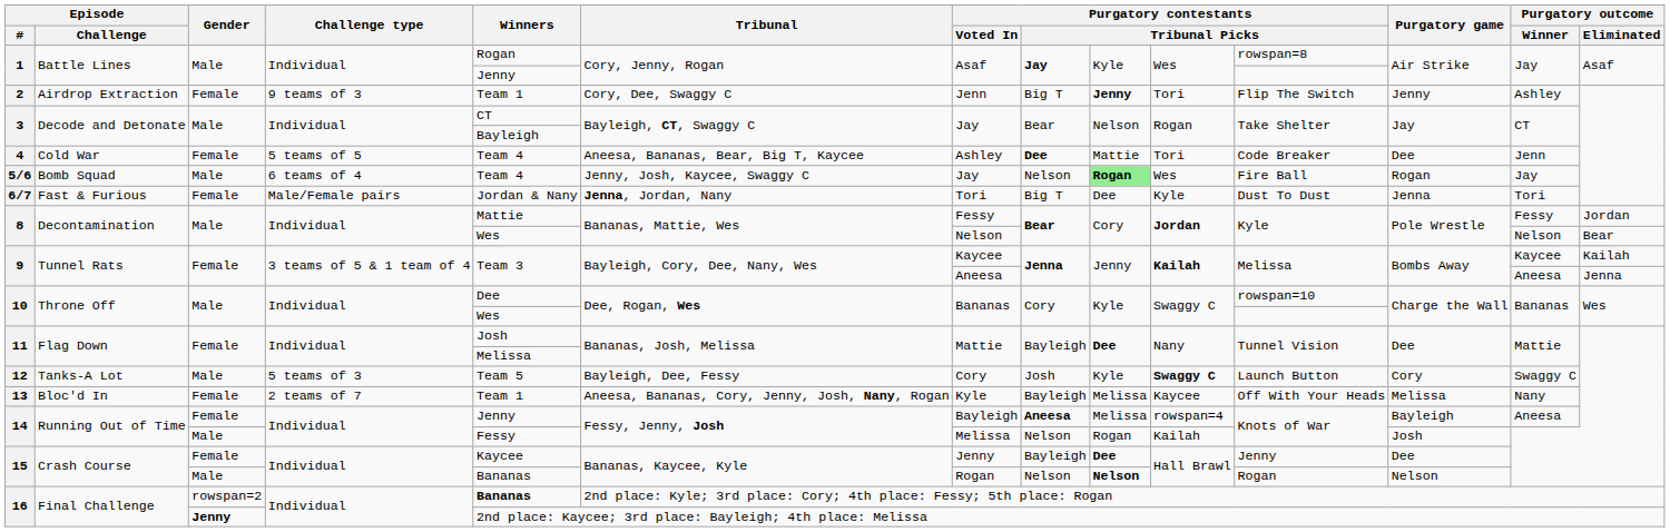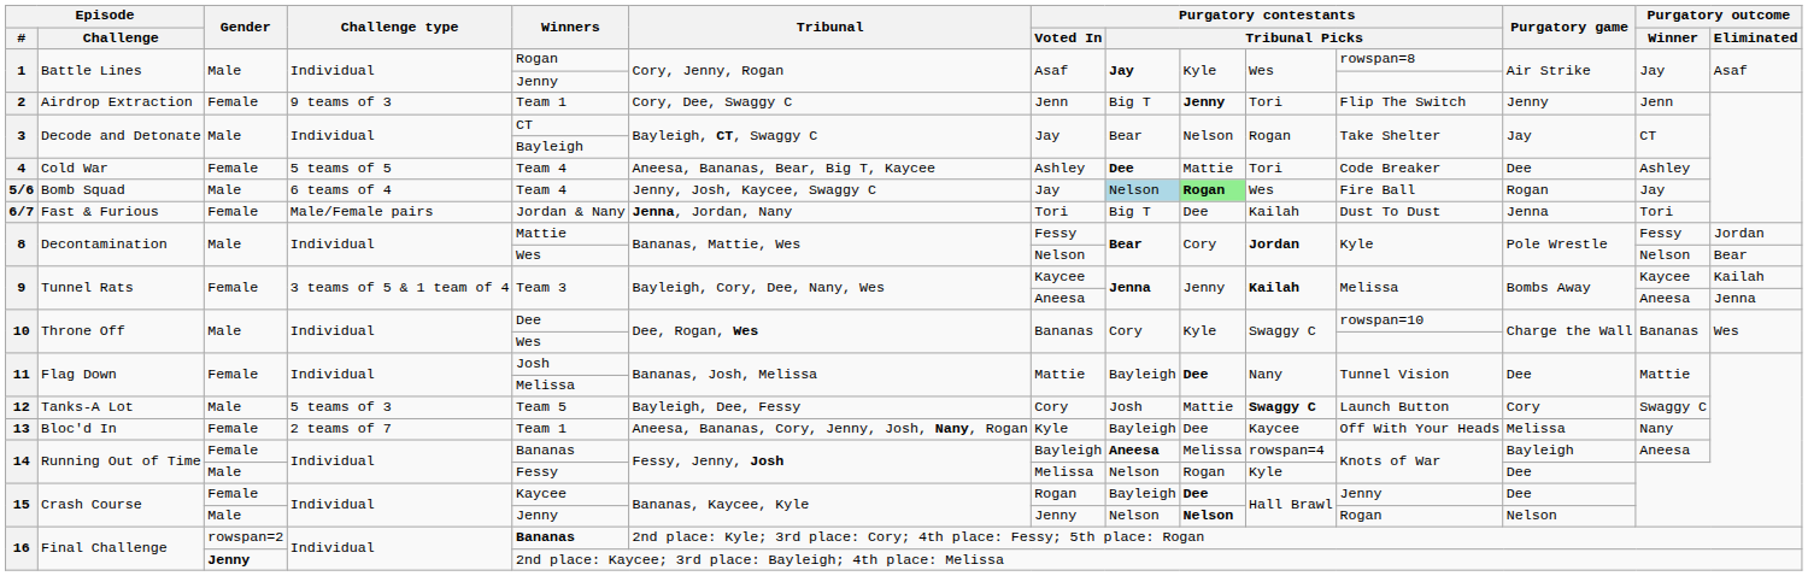 <table class="wikitable" style="font-size:87%; white-space:nowrap;">
 <tr>
 <th colspan=2>Episode</th>
 <th rowspan=2>Gender</th>
 <th rowspan=2>Challenge type</th>
 <th rowspan=2>Winners</th>
 <th rowspan=2>Tribunal</th>
 <th colspan=5>Purgatory contestants</th>
 <th rowspan=2>Purgatory game</th>
 <th colspan=2>Purgatory outcome</th>
 </tr>
 <tr>
 <th>#</th>
 <th>Challenge</th>
 <th>Voted In</th>
 <th colspan=4>Tribunal Picks</th>
 <th>Winner</th>
 <th>Eliminated</th>
 </tr>
 <tr>
 <th rowspan=2>1</th>
 <td rowspan=2>Battle Lines</td>
 <td rowspan=2>Male</td>
 <td rowspan=2>Individual</td>
 <td>Rogan</td>
 <td rowspan=2>Cory, Jenny, Rogan</td>
 <td rowspan=2>Asaf</td>
 <td rowspan=2><strong>Jay</strong></td>
 <td rowspan=2>Kyle</td>
 <td rowspan=2>Wes</td>
 <td>rowspan=8 </td>
 <td rowspan=2>Air Strike</td>
 <td rowspan=2>Jay</td>
 <td rowspan=2>Asaf</td>
 </tr>
 <tr>
 <td>Jenny</td>
 </tr>
 <tr>
 <th>2</th>
 <td>Airdrop Extraction</td>
 <td>Female</td>
 <td>9 teams of 3</td>
 <td>Team 1</td>
 <td>Cory, Dee, Swaggy C</td>
 <td>Jenn</td>
 <td>Big T</td>
 <td><strong>Jenny</strong></td>
 <td>Tori</td>
 <td>Flip The Switch</td>
 <td>Jenny</td>
-<td>Ashley</td>
+<td>Jenn</td>
 </tr>
 <tr>
 <th rowspan=2>3</th>
 <td rowspan=2>Decode and Detonate</td>
 <td rowspan=2>Male</td>
 <td rowspan=2>Individual</td>
 <td>CT</td>
 <td rowspan=2>Bayleigh, <strong>CT</strong>, Swaggy C</td>
 <td rowspan=2>Jay</td>
 <td rowspan=2>Bear</td>
 <td rowspan=2>Nelson</td>
 <td rowspan=2>Rogan</td>
 <td rowspan=2>Take Shelter</td>
 <td rowspan=2>Jay</td>
 <td rowspan=2>CT</td>
 </tr>
 <tr>
 <td>Bayleigh</td>
 </tr>
 <tr>
 <th>4</th>
 <td>Cold War</td>
 <td>Female</td>
 <td>5 teams of 5</td>
 <td>Team 4</td>
 <td>Aneesa, Bananas, Bear, Big T, Kaycee</td>
 <td>Ashley</td>
 <td><strong>Dee</strong></td>
 <td>Mattie</td>
 <td>Tori</td>
 <td>Code Breaker</td>
 <td>Dee</td>
-<td>Jenn</td>
+<td>Ashley</td>
 </tr>
 <tr>
 <th>5/6</th>
 <td>Bomb Squad</td>
 <td>Male</td>
 <td>6 teams of 4</td>
 <td>Team 4</td>
 <td>Jenny, Josh, Kaycee, Swaggy C</td>
 <td>Jay</td>
-<td>Nelson</td>
+<td style="background: lightblue;">Nelson</td>
 <td style="background: lightgreen;"><strong>Rogan</strong></td>
 <td>Wes</td>
 <td>Fire Ball</td>
 <td>Rogan</td>
 <td>Jay</td>
 </tr>
 <tr>
 <th>6/7</th>
 <td>Fast & Furious</td>
 <td>Female</td>
 <td>Male/Female pairs</td>
 <td>Jordan & Nany</td>
 <td><strong>Jenna</strong>, Jordan, Nany</td>
 <td>Tori</td>
 <td>Big T</td>
 <td>Dee</td>
-<td>Kyle</td>
+<td>Kailah</td>
 <td>Dust To Dust</td>
 <td>Jenna</td>
 <td>Tori</td>
 </tr>
 <tr>
 <th rowspan=2>8</th>
 <td rowspan=2>Decontamination</td>
 <td rowspan="2">Male</td>
 <td rowspan=2>Individual</td>
 <td>Mattie</td>
 <td rowspan=2>Bananas, Mattie, Wes</td>
 <td>Fessy</td>
 <td rowspan=2><strong>Bear</strong></td>
 <td rowspan=2>Cory</td>
 <td rowspan=2><strong>Jordan</strong></td>
 <td rowspan=2>Kyle</td>
 <td rowspan=2>Pole Wrestle</td>
 <td>Fessy</td>
 <td>Jordan</td>
 </tr>
 <tr>
 <td>Wes</td>
 <td>Nelson</td>
 <td>Nelson</td>
 <td>Bear</td>
 </tr>
 <tr>
 <th rowspan=2>9</th>
 <td rowspan=2>Tunnel Rats</td>
 <td rowspan=2>Female</td>
 <td rowspan=2>3 teams of 5 & 1 team of 4</td>
 <td rowspan=2>Team 3</td>
 <td rowspan=2>Bayleigh, Cory, Dee, Nany, Wes</td>
 <td>Kaycee</td>
 <td rowspan=2><strong>Jenna</strong></td>
 <td rowspan=2>Jenny</td>
 <td rowspan=2><strong>Kailah</strong></td>
 <td rowspan=2>Melissa</td>
 <td rowspan=2>Bombs Away</td>
 <td>Kaycee</td>
 <td>Kailah</td>
 </tr>
 <tr>
 <td>Aneesa</td>
 <td>Aneesa</td>
 <td>Jenna</td>
 </tr>
 <tr>
 <th rowspan=2>10</th>
 <td rowspan=2>Throne Off</td>
 <td rowspan=2>Male</td>
 <td rowspan=2>Individual</td>
 <td>Dee</td>
 <td rowspan=2>Dee, Rogan, <strong>Wes</strong></td>
 <td rowspan=2>Bananas</td>
 <td rowspan=2>Cory</td>
 <td rowspan=2>Kyle</td>
 <td rowspan=2>Swaggy C</td>
 <td>rowspan=10 </td>
 <td rowspan=2>Charge the Wall</td>
 <td rowspan=2>Bananas</td>
 <td rowspan=2>Wes</td>
 </tr>
 <tr>
 <td>Wes</td>
 </tr>
 <tr>
 <th rowspan=2>11</th>
 <td rowspan=2>Flag Down</td>
 <td rowspan=2>Female</td>
 <td rowspan=2>Individual</td>
 <td>Josh</td>
 <td rowspan=2>Bananas, Josh, Melissa</td>
 <td rowspan=2>Mattie</td>
 <td rowspan=2>Bayleigh</td>
 <td rowspan=2><strong>Dee</strong></td>
 <td rowspan=2>Nany</td>
 <td rowspan=2>Tunnel Vision</td>
 <td rowspan=2>Dee</td>
 <td rowspan=2>Mattie</td>
 </tr>
 <tr>
 <td>Melissa</td>
 </tr>
 <tr>
 <th>12</th>
 <td>Tanks-A Lot</td>
 <td>Male</td>
 <td>5 teams of 3</td>
 <td>Team 5</td>
 <td>Bayleigh, Dee, Fessy</td>
 <td>Cory</td>
 <td>Josh</td>
-<td>Kyle</td>
+<td>Mattie</td>
 <td><strong>Swaggy C</strong></td>
 <td>Launch Button</td>
 <td>Cory</td>
 <td>Swaggy C</td>
 </tr>
 <tr>
 <th>13</th>
 <td>Bloc'd In</td>
 <td>Female</td>
 <td>2 teams of 7</td>
 <td>Team 1</td>
 <td>Aneesa, Bananas, Cory, Jenny, Josh, <strong>Nany</strong>, Rogan</td>
 <td>Kyle</td>
 <td>Bayleigh</td>
-<td>Melissa</td>
+<td>Dee</td>
 <td>Kaycee</td>
 <td>Off With Your Heads</td>
 <td>Melissa</td>
 <td>Nany</td>
 </tr>
 <tr>
 <th rowspan=2>14</th>
 <td rowspan=2>Running Out of Time</td>
 <td>Female</td>
 <td rowspan=2>Individual</td>
-<td>Jenny</td>
+<td>Bananas</td>
 <td rowspan=2>Fessy, Jenny, <strong>Josh</strong></td>
 <td>Bayleigh</td>
 <td><strong>Aneesa</strong></td>
 <td>Melissa</td>
 <td>rowspan=4 </td>
 <td rowspan=2>Knots of War</td>
 <td>Bayleigh</td>
 <td>Aneesa</td>
 </tr>
 <tr>
 <td>Male</td>
 <td>Fessy</td>
 <td>Melissa</td>
 <td>Nelson</td>
 <td>Rogan</td>
-<td>Kailah</td>
-<td>Josh</td>
+<td>Kyle</td>
+<td>Dee</td>
 </tr>
 <tr>
 <th rowspan=2>15</th>
 <td rowspan=2>Crash Course</td>
 <td>Female</td>
 <td rowspan=2>Individual</td>
 <td>Kaycee</td>
 <td rowspan=2>Bananas, Kaycee, Kyle</td>
-<td>Jenny</td>
+<td>Rogan</td>
 <td>Bayleigh</td>
 <td><strong>Dee</strong></td>
 <td rowspan=2>Hall Brawl</td>
 <td>Jenny</td>
 <td>Dee</td>
 </tr>
 <tr>
 <td>Male</td>
-<td>Bananas</td>
-<td>Rogan</td>
+<td>Jenny</td>
+<td>Jenny</td>
 <td>Nelson</td>
 <td><strong>Nelson</strong></td>
 <td>Rogan</td>
 <td>Nelson</td>
 </tr>
 <tr>
 <th rowspan=2>16</th>
 <td rowspan=2>Final Challenge</td>
 <td>rowspan=2 </td>
 <td rowspan=2>Individual</td>
 <td><strong>Bananas</strong></td>
 <td colspan="11">2nd place: Kyle; 3rd place: Cory; 4th place: Fessy; 5th place: Rogan</td>
 </tr>
 <tr>
 <td><strong>Jenny</strong></td>
 <td colspan="11">2nd place: Kaycee; 3rd place: Bayleigh; 4th place: Melissa</td>
 </tr>
 </table>
